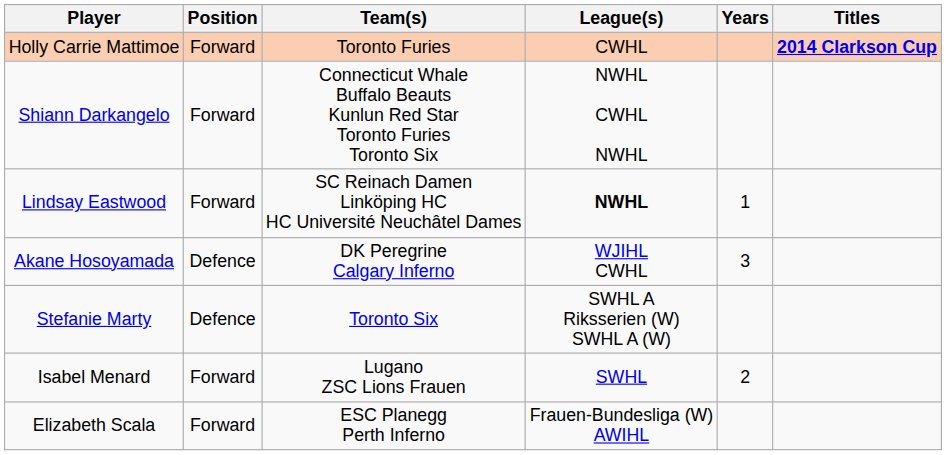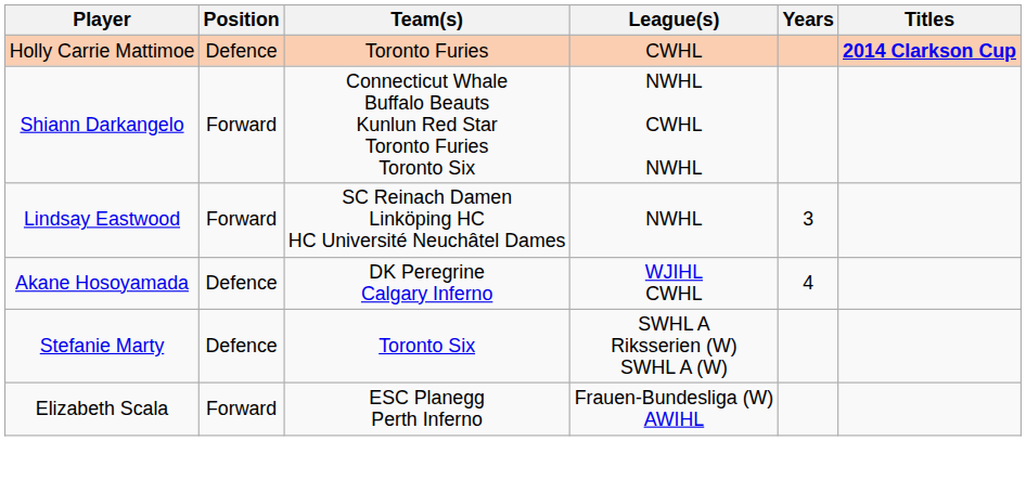 <table class="wikitable sortable">
 <tr>
 <th>Player</th>
 <th>Position</th>
 <th>Team(s)</th>
 <th>League(s)</th>
 <th>Years</th>
 <th>Titles</th>
 </tr>
 <tr align="center" bgcolor=FBCEB1>
 <td>Holly Carrie Mattimoe</td>
-<td>Forward</td>
+<td>Defence</td>
 <td>Toronto Furies</td>
 <td>CWHL</td>
 <td></td>
 <td><strong><a href='#'>2014 Clarkson Cup</a></strong></td>
 </tr>
 <tr align="center" bgcolor="">
 <td><a href='#'>Shiann Darkangelo</a></td>
 <td>Forward</td>
 <td>Connecticut Whale<br>Buffalo Beauts<br> Kunlun Red Star<br> Toronto Furies<br>Toronto Six</td>
 <td>NWHL<br><br>CWHL<br><br>NWHL</td>
 <td></td>
 <td></td>
 </tr>
 <tr align="center" bgcolor="">
 <td><a href='#'>Lindsay Eastwood</a></td>
 <td>Forward</td>
 <td>SC Reinach Damen<br>Linköping HC<br>HC Université Neuchâtel Dames</td>
-<td><strong>NWHL</strong></td>
-<td>1</td>
+<td>NWHL</td>
+<td>3</td>
 <td></td>
 </tr>
 <tr align="center" bgcolor="">
 <td><a href='#'>Akane Hosoyamada</a></td>
 <td>Defence</td>
 <td>DK Peregrine<br><a href='#'>Calgary Inferno</a></td>
 <td><a href='#'>WJIHL</a><br>CWHL</td>
-<td>3</td>
+<td>4</td>
 <td></td>
 </tr>
 <tr align="center" bgcolor="">
 <td><a href='#'>Stefanie Marty</a></td>
 <td>Defence</td>
 <td><a href='#'>Toronto Six</a></td>
 <td>SWHL A<br>Riksserien (W)<br>SWHL A (W)</td>
 <td></td>
 <td></td>
 </tr>
 <tr align="center" bgcolor="">
-<td>Isabel Menard</td>
-<td>Forward</td>
-<td>Lugano<br>ZSC Lions Frauen</td>
-<td><a href='#'>SWHL</a></td>
-<td>2</td>
-<td></td>
-</tr>
-<tr align="center" bgcolor="">
 <td>Elizabeth Scala</td>
 <td>Forward</td>
 <td>ESC Planegg<br>Perth Inferno</td>
 <td>Frauen-Bundesliga (W)<br><a href='#'>AWIHL</a></td>
 <td></td>
 <td></td>
 </tr>
 </table>
